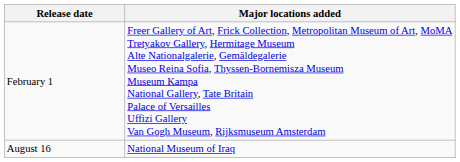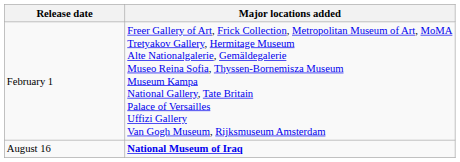 <table class="wikitable sortable collapsible" style="font-size:95%">
 <tr>
 <th style="width:165px;">Release date</th>
 <th>Major locations added</th>
 </tr>
 <tr>
 <td>February 1</td>
 <td> <a href='#'>Freer Gallery of Art</a>, <a href='#'>Frick Collection</a>, <a href='#'>Metropolitan Museum of Art</a>, <a href='#'>MoMA</a><br>  <a href='#'>Tretyakov Gallery</a>, <a href='#'>Hermitage Museum</a><br>  <a href='#'>Alte Nationalgalerie</a>, <a href='#'>Gemäldegalerie</a><br>  <a href='#'>Museo Reina Sofia</a>, <a href='#'>Thyssen-Bornemisza Museum</a><br>  <a href='#'>Museum Kampa</a><br>  <a href='#'>National Gallery</a>, <a href='#'>Tate Britain</a><br>  <a href='#'>Palace of Versailles</a><br>  <a href='#'>Uffizi Gallery</a><br>  <a href='#'>Van Gogh Museum</a>, <a href='#'>Rijksmuseum Amsterdam</a></td>
 </tr>
 <tr>
 <td>August 16</td>
-<td> <a href='#'>National Museum of Iraq</a></td>
+<td><strong> <a href='#'>National Museum of Iraq</a></strong></td>
 </tr>
 </table>
